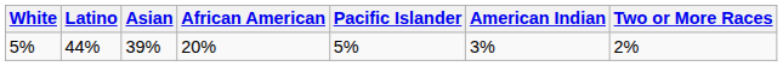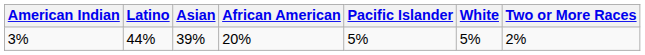 <table class="wikitable">
 <tr>
-<th><a href='#'>White</a></th>
+<th><a href='#'>American Indian</a></th>
 <th><a href='#'>Latino</a></th>
 <th><a href='#'>Asian</a></th>
 <th><a href='#'>African American</a></th>
 <th><a href='#'>Pacific Islander</a></th>
-<th><a href='#'>American Indian</a></th>
+<th><a href='#'>White</a></th>
 <th><a href='#'>Two or More Races</a></th>
 </tr>
 <tr>
-<td>5%</td>
+<td>3%</td>
 <td>44%</td>
 <td>39%</td>
 <td>20%</td>
 <td>5%</td>
-<td>3%</td>
+<td>5%</td>
 <td>2%</td>
 </tr>
 </table>
